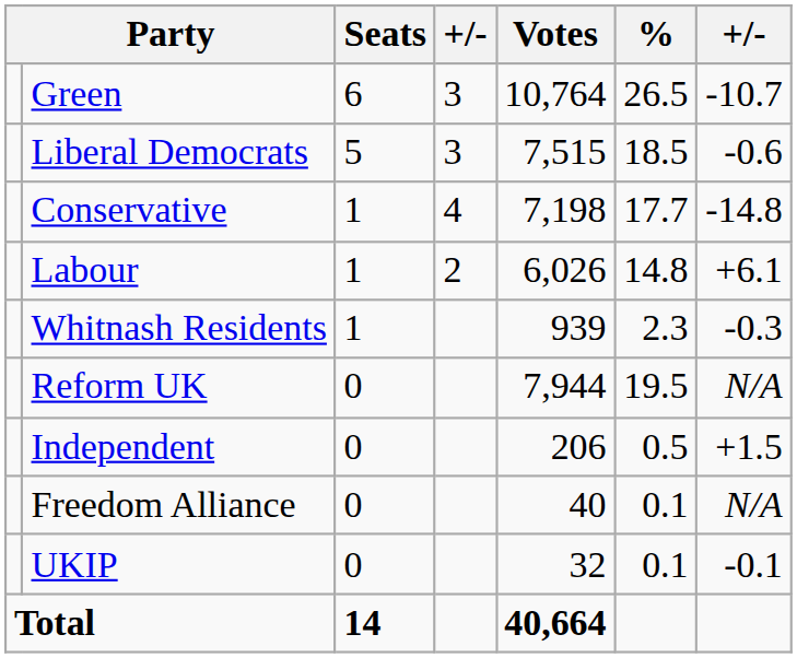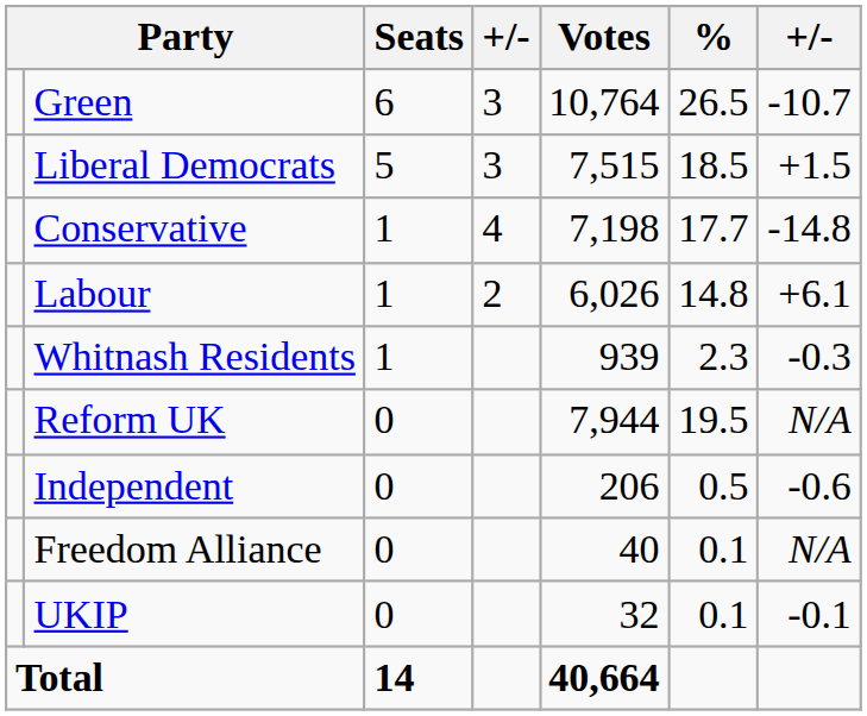 <table class="wikitable sortable">
 <tr>
 <th colspan="2">Party</th>
 <th>Seats</th>
 <th>+/-</th>
 <th>Votes</th>
 <th>%</th>
 <th>+/-</th>
 </tr>
 <tr>
 <td style="background-color: "></td>
 <td><a href='#'>Green</a></td>
 <td>6</td>
 <td> 3</td>
 <td style="text-align:right;">10,764</td>
 <td style="text-align:right;">26.5</td>
 <td style="text-align:right;">-10.7</td>
 </tr>
 <tr>
 <td style="background-color: "></td>
 <td><a href='#'>Liberal Democrats</a></td>
 <td>5</td>
 <td> 3</td>
 <td style="text-align:right;">7,515</td>
 <td style="text-align:right;">18.5</td>
-<td style="text-align:right;">-0.6</td>
+<td style="text-align:right;">+1.5</td>
 </tr>
 <tr>
 <td style="background-color: "></td>
 <td><a href='#'>Conservative</a></td>
 <td>1</td>
 <td> 4</td>
 <td style="text-align:right;">7,198</td>
 <td style="text-align:right;">17.7</td>
 <td style="text-align:right;">-14.8</td>
 </tr>
 <tr>
 <td style="background-color: "></td>
 <td><a href='#'>Labour</a></td>
 <td>1</td>
 <td> 2</td>
 <td style="text-align:right;">6,026</td>
 <td style="text-align:right;">14.8</td>
 <td style="text-align:right;">+6.1</td>
 </tr>
 <tr>
 <td style="background-color: "></td>
 <td><a href='#'>Whitnash Residents</a></td>
 <td>1</td>
 <td></td>
 <td style="text-align:right;">939</td>
 <td style="text-align:right;">2.3</td>
 <td style="text-align:right;">-0.3</td>
 </tr>
 <tr>
 <td style="background-color: "></td>
 <td><a href='#'>Reform UK</a></td>
 <td>0</td>
 <td></td>
 <td style="text-align:right;">7,944</td>
 <td style="text-align:right;">19.5</td>
 <td style="text-align:right;"><em>N/A</em></td>
 </tr>
 <tr>
 <td style="background-color: "></td>
 <td><a href='#'>Independent</a></td>
 <td>0</td>
 <td></td>
 <td style="text-align:right;">206</td>
 <td style="text-align:right;">0.5</td>
-<td style="text-align:right;">+1.5</td>
+<td style="text-align:right;">-0.6</td>
 </tr>
 <tr>
 <td style="background-color: "></td>
 <td>Freedom Alliance</td>
 <td>0</td>
 <td></td>
 <td style="text-align:right;">40</td>
 <td style="text-align:right;">0.1</td>
 <td style="text-align:right;"><em>N/A</em></td>
 </tr>
 <tr>
 <td style="background-color: "></td>
 <td><a href='#'>UKIP</a></td>
 <td>0</td>
 <td></td>
 <td style="text-align:right;">32</td>
 <td style="text-align:right;">0.1</td>
 <td style="text-align:right;">-0.1</td>
 </tr>
 <tr>
 <td colspan="2"><strong>Total</strong></td>
 <td><strong>14</strong></td>
 <td></td>
 <td style="text-align:right;"><strong>40,664</strong></td>
 <td style="text-align:right;"></td>
 <td style="text-align:right;"></td>
 </tr>
 </table>
